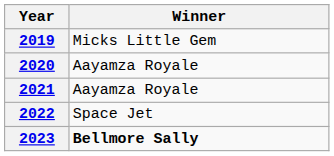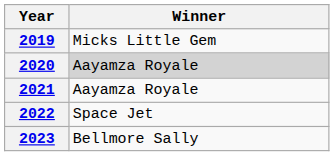 <table class="wikitable">
 <tr>
 <th width=50>Year</th>
 <th width=220>Winner</th>
 </tr>
 <tr>
 <th><a href='#'>2019</a></th>
 <td>Micks Little Gem </td>
 </tr>
 <tr>
 <th><a href='#'>2020</a></th>
-<td>Aayamza Royale</td>
+<td style="background: lightgrey;">Aayamza Royale</td>
 </tr>
 <tr>
 <th><a href='#'>2021</a></th>
 <td>Aayamza Royale</td>
 </tr>
 <tr>
 <th><a href='#'>2022</a></th>
 <td>Space Jet</td>
 </tr>
 <tr>
 <th><a href='#'>2023</a></th>
-<td><strong>Bellmore Sally</strong></td>
+<td>Bellmore Sally</td>
 </tr>
 </table>
